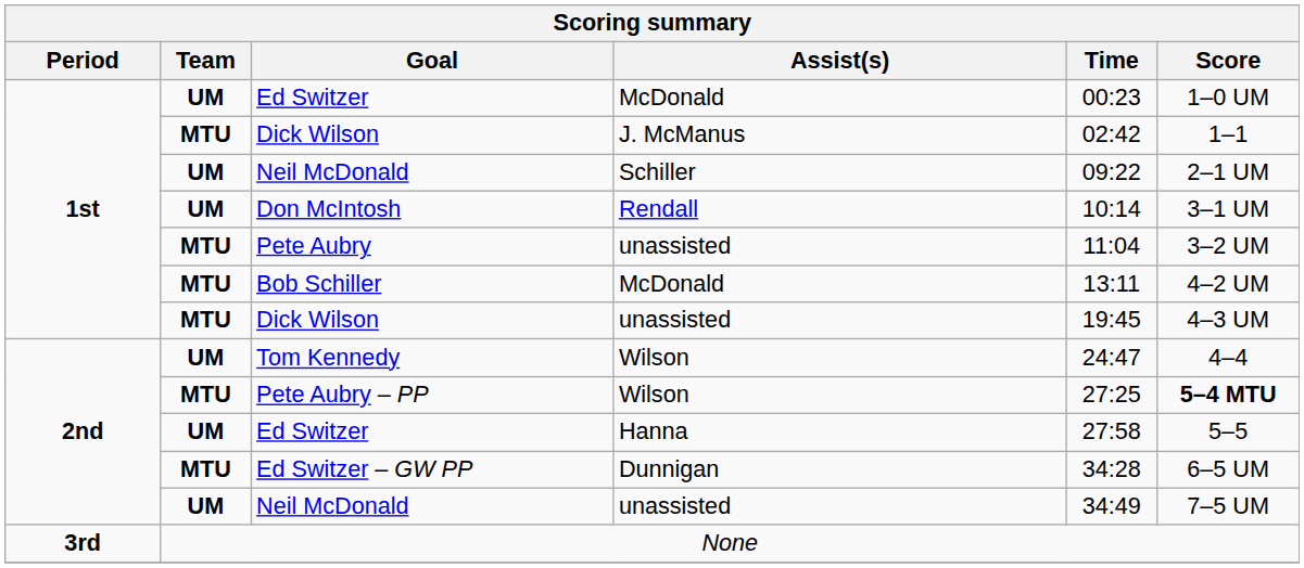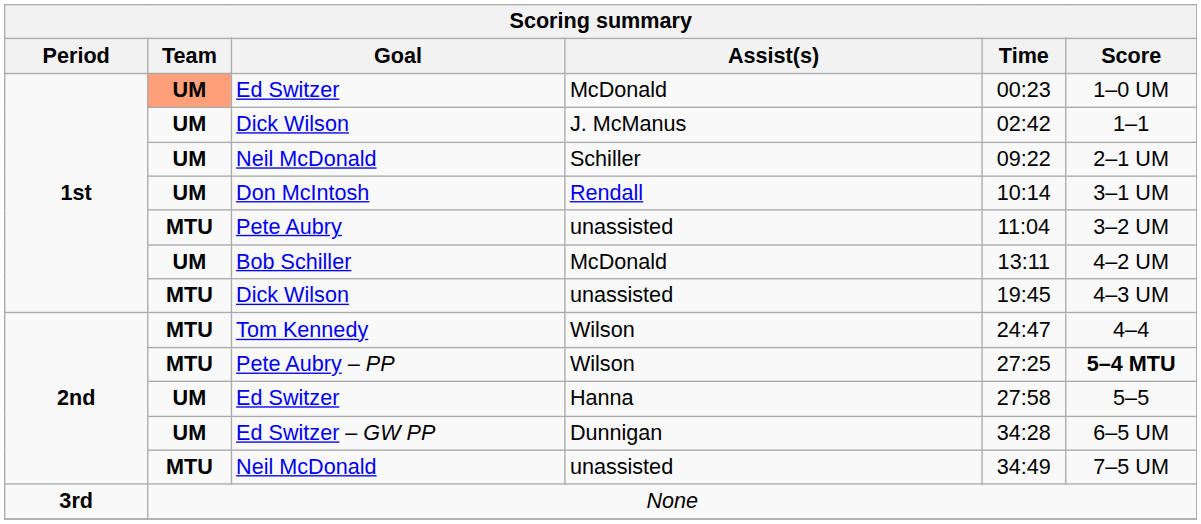 <table style="width:100%;" class="wikitable">
 <tr>
 <th colspan=6>Scoring summary</th>
 </tr>
 <tr>
 <th style="width:12%;">Period</th>
 <th style="width:7%;">Team</th>
 <th style="width:28%;">Goal</th>
 <th style="width:35%;">Assist(s)</th>
 <th style="width:7%;">Time</th>
 <th style="width:11%;">Score</th>
 </tr>
 <tr>
 <td style="text-align:center;" rowspan="7"><strong>1st</strong></td>
-<td align=center><strong>UM</strong></td>
+<td align=center style="background: lightsalmon;"><strong>UM</strong></td>
 <td><a href='#'>Ed Switzer</a></td>
 <td>McDonald</td>
 <td align=center>00:23</td>
 <td align=center>1–0 UM</td>
 </tr>
 <tr>
-<td align=center><strong>MTU</strong></td>
+<td align=center><strong>UM</strong></td>
 <td><a href='#'>Dick Wilson</a></td>
 <td>J. McManus</td>
 <td align=center>02:42</td>
 <td align=center>1–1</td>
 </tr>
 <tr>
 <td align=center><strong>UM</strong></td>
 <td><a href='#'>Neil McDonald</a></td>
 <td>Schiller</td>
 <td align=center>09:22</td>
 <td align=center>2–1 UM</td>
 </tr>
 <tr>
 <td align=center><strong>UM</strong></td>
 <td><a href='#'>Don McIntosh</a></td>
 <td><a href='#'>Rendall</a></td>
 <td align=center>10:14</td>
 <td align=center>3–1 UM</td>
 </tr>
 <tr>
 <td align=center><strong>MTU</strong></td>
 <td><a href='#'>Pete Aubry</a></td>
 <td>unassisted</td>
 <td align=center>11:04</td>
 <td align=center>3–2 UM</td>
 </tr>
 <tr>
-<td align=center><strong>MTU</strong></td>
+<td align=center><strong>UM</strong></td>
 <td><a href='#'>Bob Schiller</a></td>
 <td>McDonald</td>
 <td align=center>13:11</td>
 <td align=center>4–2 UM</td>
 </tr>
 <tr>
 <td align=center><strong>MTU</strong></td>
 <td><a href='#'>Dick Wilson</a></td>
 <td>unassisted</td>
 <td align=center>19:45</td>
 <td align=center>4–3 UM</td>
 </tr>
 <tr>
 <td style="text-align:center;" rowspan="5"><strong>2nd</strong></td>
-<td align=center><strong>UM</strong></td>
+<td align=center><strong>MTU</strong></td>
 <td><a href='#'>Tom Kennedy</a></td>
 <td>Wilson</td>
 <td align=center>24:47</td>
 <td align=center>4–4</td>
 </tr>
 <tr>
 <td align=center><strong>MTU</strong></td>
 <td><a href='#'>Pete Aubry</a> – <em>PP</em></td>
 <td>Wilson</td>
 <td align=center>27:25</td>
 <td align=center><strong>5–4 MTU</strong></td>
 </tr>
 <tr>
 <td align=center><strong>UM</strong></td>
 <td><a href='#'>Ed Switzer</a></td>
 <td>Hanna</td>
 <td align=center>27:58</td>
 <td align=center>5–5</td>
 </tr>
 <tr>
-<td align=center><strong>MTU</strong></td>
+<td align=center><strong>UM</strong></td>
 <td><a href='#'>Ed Switzer</a> – <em>GW PP</em></td>
 <td>Dunnigan</td>
 <td align=center>34:28</td>
 <td align=center>6–5 UM</td>
 </tr>
 <tr>
-<td align=center><strong>UM</strong></td>
+<td align=center><strong>MTU</strong></td>
 <td><a href='#'>Neil McDonald</a></td>
 <td>unassisted</td>
 <td align=center>34:49</td>
 <td align=center>7–5 UM</td>
 </tr>
 <tr>
 <td style="text-align:center;" rowspan="1"><strong>3rd</strong></td>
 <td style="text-align:center;" colspan="5"><em>None</em></td>
 </tr>
 <tr>
 </tr>
 </table>
